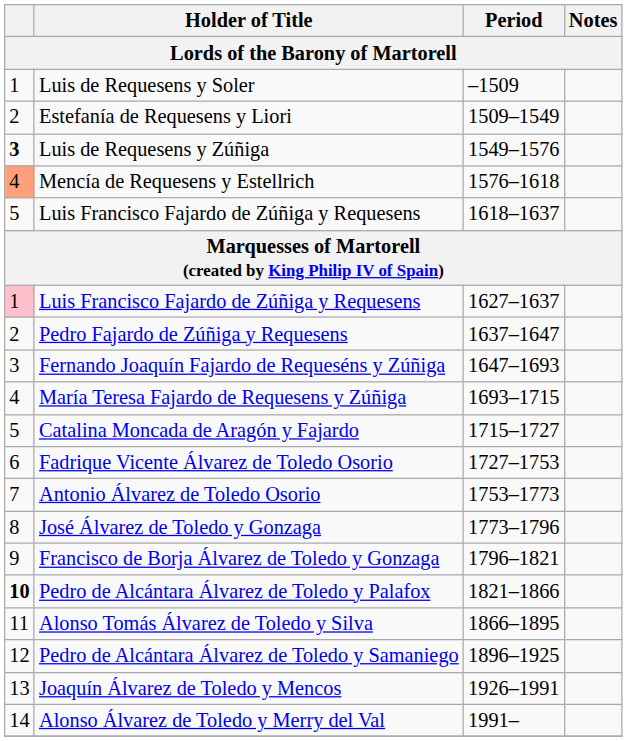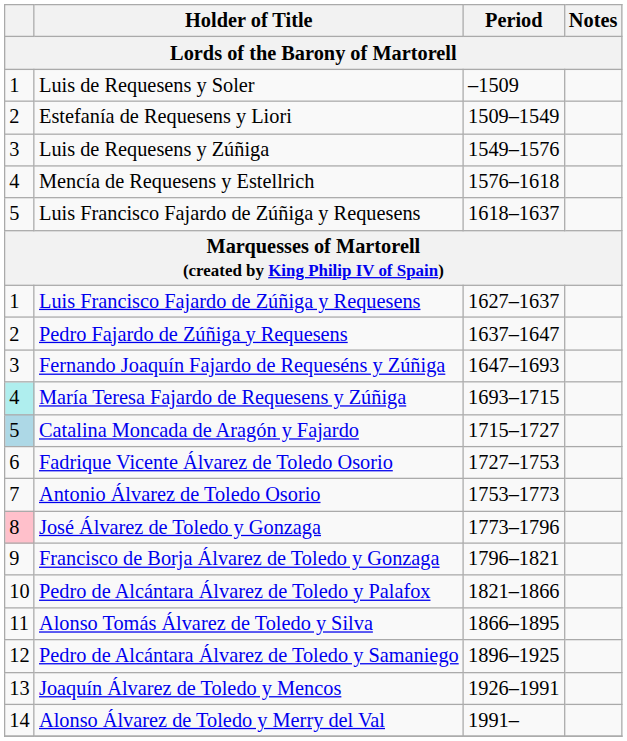 <table class="wikitable">
 <tr>
 <th></th>
 <th>Holder of Title</th>
 <th>Period</th>
 <th>Notes</th>
 </tr>
 <tr bgcolor="#dddddd" |>
 <th colspan="5">Lords of the Barony of Martorell</th>
 </tr>
 <tr>
 <td>1</td>
 <td>Luis de Requesens y Soler</td>
 <td>–1509</td>
 <td></td>
 </tr>
 <tr>
 <td>2</td>
 <td>Estefanía de Requesens y Liori</td>
 <td>1509–1549</td>
 <td></td>
 </tr>
 <tr>
-<td><strong>3</strong></td>
+<td>3</td>
 <td>Luis de Requesens y Zúñiga</td>
 <td>1549–1576</td>
 <td></td>
 </tr>
 <tr>
-<td style="background: lightsalmon;">4</td>
+<td>4</td>
 <td>Mencía de Requesens y Estellrich</td>
 <td>1576–1618</td>
 <td></td>
 </tr>
 <tr>
 <td>5</td>
 <td>Luis Francisco Fajardo de Zúñiga y Requesens</td>
 <td>1618–1637</td>
 <td></td>
 </tr>
 <tr>
 <th colspan="5">Marquesses of Martorell<br><small>(created by <a href='#'>King Philip IV of Spain</a>)</small></th>
 </tr>
 <tr>
-<td style="background: pink;">1</td>
+<td>1</td>
 <td><a href='#'>Luis Francisco Fajardo de Zúñiga y Requesens</a></td>
 <td>1627–1637</td>
 <td></td>
 </tr>
 <tr>
 <td>2</td>
 <td><a href='#'>Pedro Fajardo de Zúñiga y Requesens</a></td>
 <td>1637–1647</td>
 <td></td>
 </tr>
 <tr>
 <td>3</td>
 <td><a href='#'>Fernando Joaquín Fajardo de Requeséns y Zúñiga</a></td>
 <td>1647–1693</td>
 <td></td>
 </tr>
 <tr>
-<td>4</td>
+<td style="background: paleturquoise;">4</td>
 <td><a href='#'>María Teresa Fajardo de Requesens y Zúñiga</a></td>
 <td>1693–1715</td>
 <td></td>
 </tr>
 <tr>
-<td>5</td>
+<td style="background: lightblue;">5</td>
 <td><a href='#'>Catalina Moncada de Aragón y Fajardo</a></td>
 <td>1715–1727</td>
 <td></td>
 </tr>
 <tr>
 <td>6</td>
 <td><a href='#'>Fadrique Vicente Álvarez de Toledo Osorio</a></td>
 <td>1727–1753</td>
 <td></td>
 </tr>
 <tr>
 <td>7</td>
 <td><a href='#'>Antonio Álvarez de Toledo Osorio</a></td>
 <td>1753–1773</td>
 <td></td>
 </tr>
 <tr>
-<td>8</td>
+<td style="background: pink;">8</td>
 <td><a href='#'>José Álvarez de Toledo y Gonzaga</a></td>
 <td>1773–1796</td>
 <td></td>
 </tr>
 <tr>
 <td>9</td>
 <td><a href='#'>Francisco de Borja Álvarez de Toledo y Gonzaga</a></td>
 <td>1796–1821</td>
 <td></td>
 </tr>
 <tr>
-<td><strong>10</strong></td>
+<td>10</td>
 <td><a href='#'>Pedro de Alcántara Álvarez de Toledo y Palafox</a></td>
 <td>1821–1866</td>
 <td></td>
 </tr>
 <tr>
 <td>11</td>
 <td><a href='#'>Alonso Tomás Álvarez de Toledo y Silva</a></td>
 <td>1866–1895</td>
 <td></td>
 </tr>
 <tr>
 <td>12</td>
 <td><a href='#'>Pedro de Alcántara Álvarez de Toledo y Samaniego</a></td>
 <td>1896–1925</td>
 <td></td>
 </tr>
 <tr>
 <td>13</td>
 <td><a href='#'>Joaquín Álvarez de Toledo y Mencos</a></td>
 <td>1926–1991</td>
 <td></td>
 </tr>
 <tr>
 <td>14</td>
 <td><a href='#'>Alonso Álvarez de Toledo y Merry del Val</a></td>
 <td>1991–</td>
 <td></td>
 </tr>
 <tr>
 </tr>
 </table>
